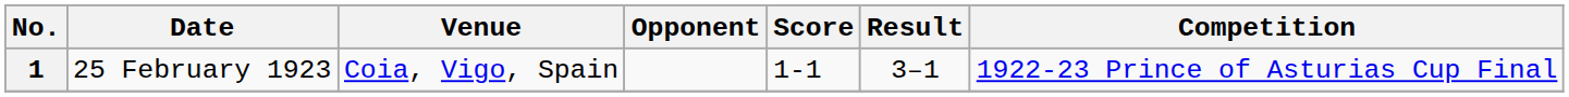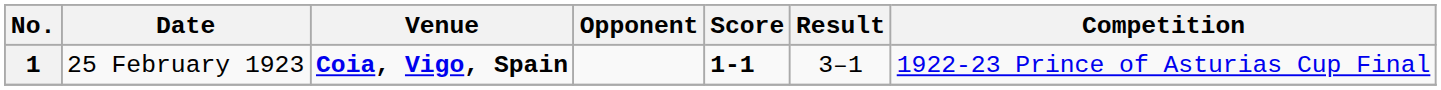 <table class="wikitable sortable plainrowheaders">
 <tr>
 <th scope=col>No.</th>
 <th scope=col>Date</th>
 <th scope=col>Venue</th>
 <th scope=col>Opponent</th>
 <th scope=col>Score</th>
 <th scope=col>Result</th>
 <th scope=col>Competition</th>
 </tr>
 <tr>
 <th scope=row style=text-align:center>1</th>
 <td>25 February 1923</td>
-<td><a href='#'>Coia</a>, <a href='#'>Vigo</a>, Spain</td>
+<td><strong><a href='#'>Coia</a>, <a href='#'>Vigo</a>, Spain</strong></td>
 <td></td>
-<td>1-1</td>
+<td><strong>1-1</strong></td>
 <td align=center>3–1</td>
 <td><a href='#'>1922-23 Prince of Asturias Cup Final</a></td>
 </tr>
 <tr>
 </tr>
 </table>
